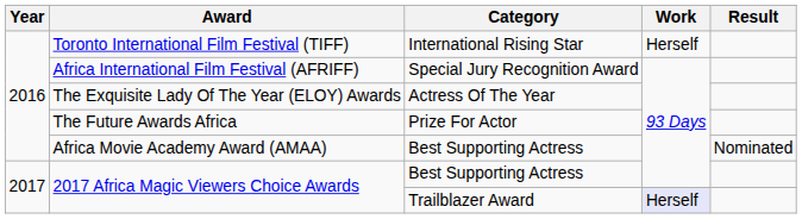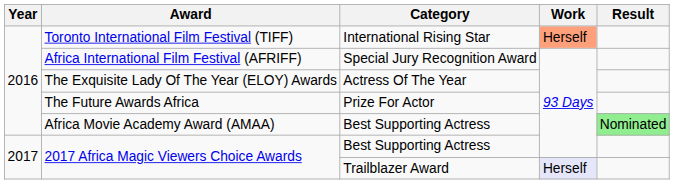 <table class="wikitable">
 <tr>
 <th>Year</th>
 <th>Award</th>
 <th>Category</th>
 <th>Work</th>
 <th>Result</th>
 </tr>
 <tr>
 <td rowspan="5">2016</td>
 <td><a href='#'>Toronto International Film Festival</a> (TIFF)</td>
 <td>International Rising Star</td>
-<td>Herself</td>
+<td style="background: lightsalmon;">Herself</td>
 <td></td>
 </tr>
 <tr>
 <td><a href='#'>Africa International Film Festival</a> (AFRIFF)</td>
 <td>Special Jury Recognition Award</td>
 <td rowspan="5"><em><a href='#'>93 Days</a></em></td>
 <td></td>
 </tr>
 <tr>
 <td>The Exquisite Lady Of The Year (ELOY) Awards</td>
 <td>Actress Of The Year</td>
 <td></td>
 </tr>
 <tr>
 <td>The Future Awards Africa</td>
 <td>Prize For Actor</td>
 <td> </td>
 </tr>
 <tr>
 <td>Africa Movie Academy Award (AMAA)</td>
 <td>Best Supporting Actress</td>
-<td>Nominated</td>
+<td style="background: lightgreen;">Nominated</td>
 </tr>
 <tr>
 <td rowspan=2>2017</td>
 <td rowspan=2><a href='#'>2017 Africa Magic Viewers Choice Awards</a></td>
 <td>Best Supporting Actress</td>
 <td></td>
 </tr>
 <tr>
 <td>Trailblazer Award</td>
 <td style="background: lavender;">Herself</td>
 <td></td>
 </tr>
 </table>
